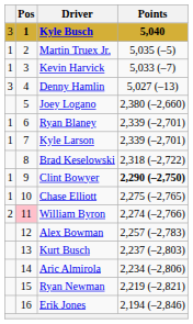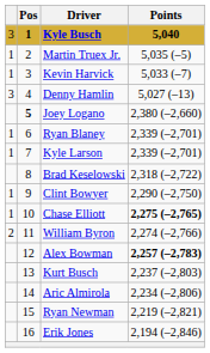 <table class="wikitable" style="font-size: 95%">
 <tr>
 <th></th>
 <th>Pos</th>
 <th>Driver</th>
 <th>Points</th>
 </tr>
 <tr style="background:#D4AF37;">
 <td align="left"> 3</td>
 <td style="text-align:center;"><strong>1</strong></td>
 <td><strong><a href='#'>Kyle Busch</a></strong></td>
 <td style="text-align:center;"><strong>5,040</strong></td>
 </tr>
 <tr>
 <td align="left"> 1</td>
 <td style="text-align:center;">2</td>
 <td><a href='#'>Martin Truex Jr.</a></td>
 <td style="text-align:center;">5,035 (–5)</td>
 </tr>
 <tr>
 <td align="left"> 1</td>
 <td style="text-align:center;">3</td>
 <td><a href='#'>Kevin Harvick</a></td>
 <td style="text-align:center;">5,033 (–7)</td>
 </tr>
 <tr>
 <td align="left"> 3</td>
 <td style="text-align:center;">4</td>
 <td><a href='#'>Denny Hamlin</a></td>
 <td style="text-align:center;">5,027 (–13)</td>
 </tr>
 <tr>
 <td align="left"></td>
-<td style="text-align:center;">5</td>
+<td style="text-align:center;"><strong>5</strong></td>
 <td><a href='#'>Joey Logano</a></td>
 <td style="text-align:center;">2,380 (–2,660)</td>
 </tr>
 <tr>
 <td align="left"> 1</td>
 <td style="text-align:center;">6</td>
 <td><a href='#'>Ryan Blaney</a></td>
 <td style="text-align:center;">2,339 (–2,701)</td>
 </tr>
 <tr>
 <td align="left"> 1</td>
 <td style="text-align:center;">7</td>
 <td><a href='#'>Kyle Larson</a></td>
 <td style="text-align:center;">2,339 (–2,701)</td>
 </tr>
 <tr>
 <td align="left"></td>
 <td style="text-align:center;">8</td>
 <td><a href='#'>Brad Keselowski</a></td>
 <td style="text-align:center;">2,318 (–2,722)</td>
 </tr>
 <tr>
 <td align="left"> 1</td>
 <td style="text-align:center;">9</td>
 <td><a href='#'>Clint Bowyer</a></td>
-<td style="text-align:center;"><strong>2,290 (–2,750)</strong></td>
+<td style="text-align:center;">2,290 (–2,750)</td>
 </tr>
 <tr>
 <td align="left"> 1</td>
 <td style="text-align:center;">10</td>
 <td><a href='#'>Chase Elliott</a></td>
-<td style="text-align:center;">2,275 (–2,765)</td>
+<td style="text-align:center;"><strong>2,275 (–2,765)</strong></td>
 </tr>
 <tr>
 <td align="left"> 2</td>
-<td style="background: pink; text-align:center;">11</td>
+<td style="text-align:center;">11</td>
 <td><a href='#'>William Byron</a></td>
 <td style="text-align:center;">2,274 (–2,766)</td>
 </tr>
 <tr>
 <td align="left"></td>
 <td style="text-align:center;">12</td>
 <td><a href='#'>Alex Bowman</a></td>
-<td style="text-align:center;">2,257 (–2,783)</td>
+<td style="text-align:center;"><strong>2,257 (–2,783)</strong></td>
 </tr>
 <tr>
 <td align="left"></td>
 <td style="text-align:center;">13</td>
 <td><a href='#'>Kurt Busch</a></td>
 <td style="text-align:center;">2,237 (–2,803)</td>
 </tr>
 <tr>
 <td align="left"></td>
 <td style="text-align:center;">14</td>
 <td><a href='#'>Aric Almirola</a></td>
 <td style="text-align:center;">2,234 (–2,806)</td>
 </tr>
 <tr>
 <td align="left"></td>
 <td style="text-align:center;">15</td>
 <td><a href='#'>Ryan Newman</a></td>
 <td style="text-align:center;">2,219 (–2,821)</td>
 </tr>
 <tr>
 <td align="left"></td>
 <td style="text-align:center;">16</td>
 <td><a href='#'>Erik Jones</a></td>
 <td style="text-align:center;">2,194 (–2,846)</td>
 </tr>
 <tr class="sortbottom">
 <th colspan="9"></th>
 </tr>
 </table>
